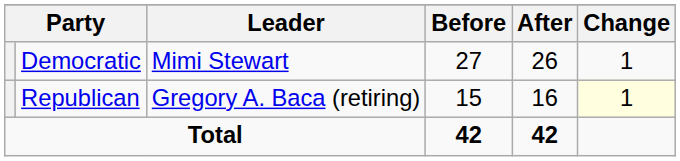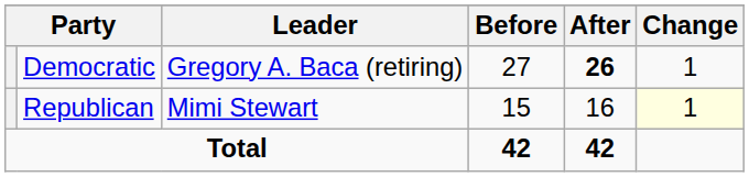 <table class="wikitable" style="text-align:center;">
 <tr>
 </tr>
 <tr>
 <th colspan="2">Party</th>
 <th>Leader</th>
 <th>Before</th>
 <th>After</th>
 <th>Change</th>
 </tr>
 <tr>
 <th style="background-color:"></th>
 <td style="text-align:left;"><a href='#'>Democratic</a></td>
-<td style="text-align:left;"><a href='#'>Mimi Stewart</a></td>
+<td style="text-align:left;"><a href='#'>Gregory A. Baca</a> (retiring)</td>
 <td>27</td>
-<td>26</td>
+<td><strong>26</strong></td>
 <td> 1</td>
 </tr>
 <tr>
 <th style="background-color:"></th>
 <td style="text-align:left;"><a href='#'>Republican</a></td>
-<td style="text-align:left;"><a href='#'>Gregory A. Baca</a> (retiring)</td>
+<td style="text-align:left;"><a href='#'>Mimi Stewart</a></td>
 <td>15</td>
 <td>16</td>
 <td style="background: lightyellow;"> 1</td>
 </tr>
 <tr>
 <td colspan="3"><strong>Total</strong></td>
 <td><strong>42</strong></td>
 <td><strong>42</strong></td>
 <td></td>
 </tr>
 </table>
